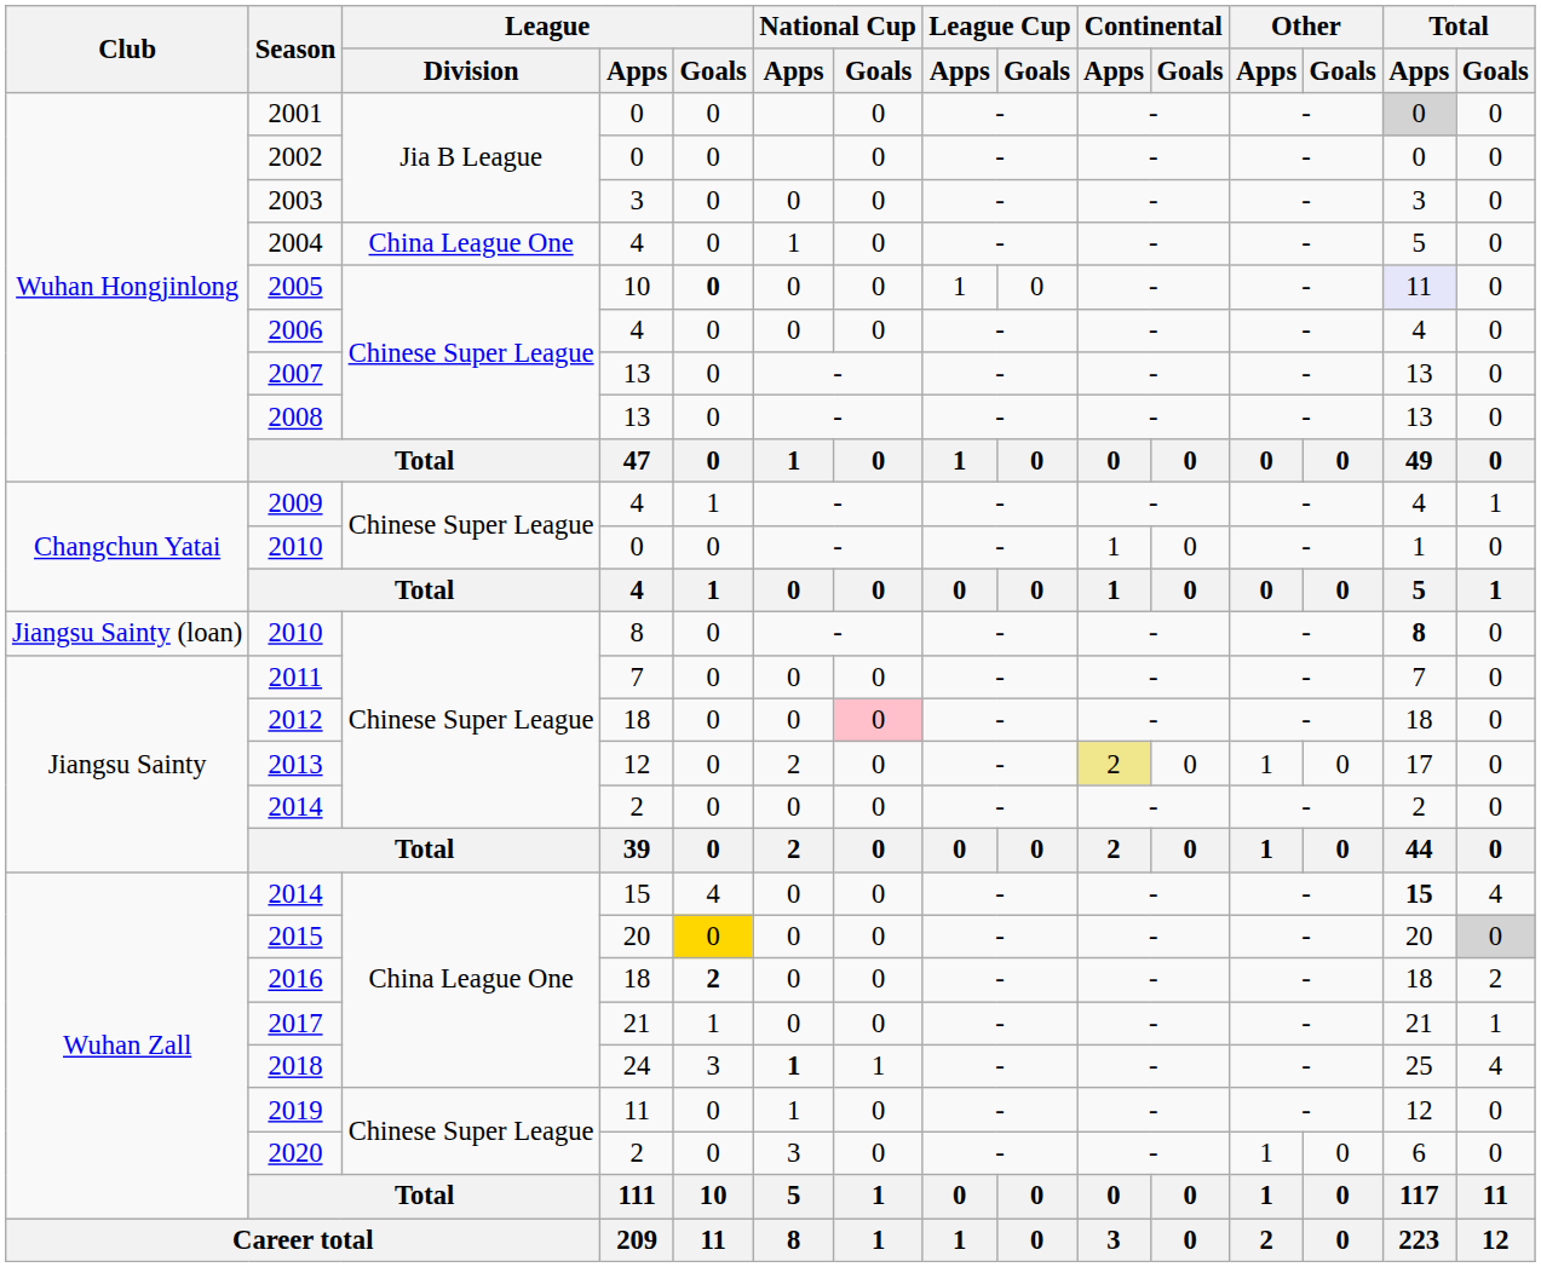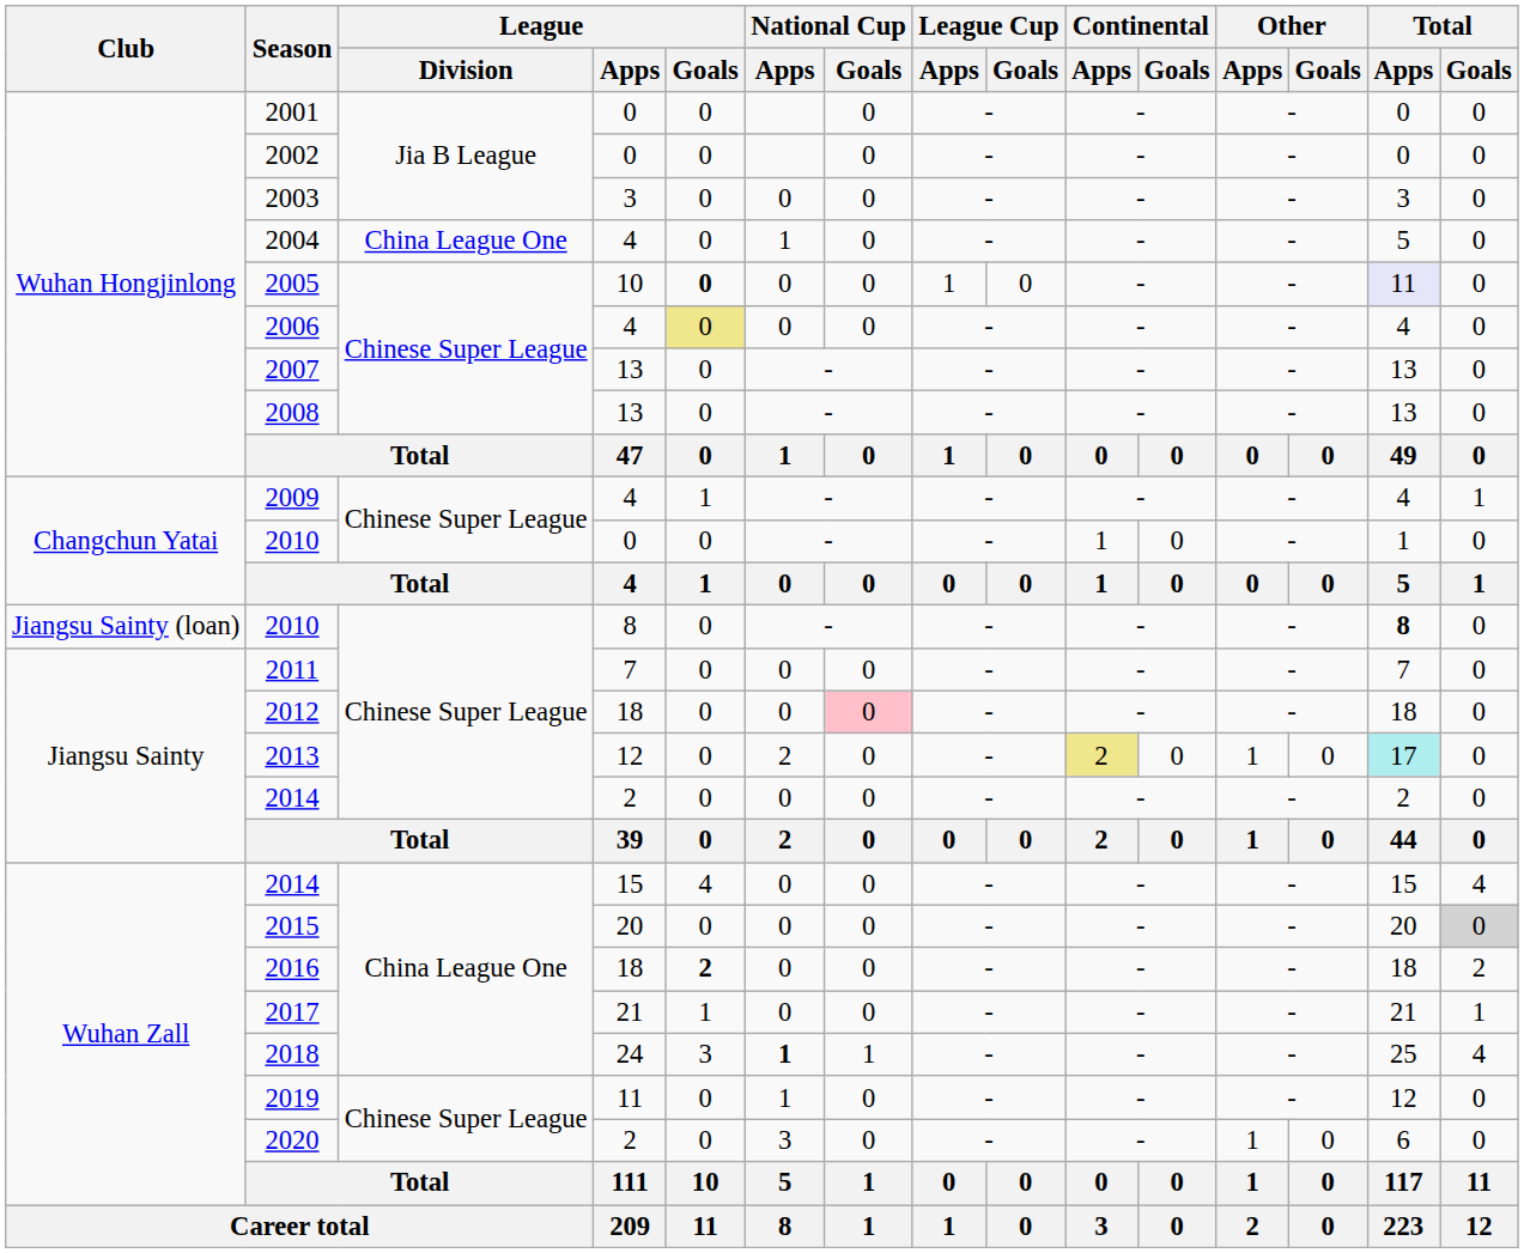 <table class="wikitable" style="text-align: center">
 <tr>
 <th rowspan="2">Club</th>
 <th rowspan="2">Season</th>
 <th colspan="3">League</th>
 <th colspan="2">National Cup</th>
 <th colspan="2">League Cup</th>
 <th colspan="2">Continental</th>
 <th colspan="2">Other</th>
 <th colspan="2">Total</th>
 </tr>
 <tr>
 <th>Division</th>
 <th>Apps</th>
 <th>Goals</th>
 <th>Apps</th>
 <th>Goals</th>
 <th>Apps</th>
 <th>Goals</th>
 <th>Apps</th>
 <th>Goals</th>
 <th>Apps</th>
 <th>Goals</th>
 <th>Apps</th>
 <th>Goals</th>
 </tr>
 <tr>
 <td rowspan=9><a href='#'>Wuhan Hongjinlong</a></td>
 <td>2001</td>
 <td rowspan="3">Jia B League</td>
 <td>0</td>
 <td>0</td>
 <td></td>
 <td>0</td>
 <td colspan="2">-</td>
 <td colspan="2">-</td>
 <td colspan="2">-</td>
-<td style="background: lightgrey;">0</td>
+<td>0</td>
 <td>0</td>
 </tr>
 <tr>
 <td>2002</td>
 <td>0</td>
 <td>0</td>
 <td></td>
 <td>0</td>
 <td colspan="2">-</td>
 <td colspan="2">-</td>
 <td colspan="2">-</td>
 <td>0</td>
 <td>0</td>
 </tr>
 <tr>
 <td>2003</td>
 <td>3</td>
 <td>0</td>
 <td>0</td>
 <td>0</td>
 <td colspan="2">-</td>
 <td colspan="2">-</td>
 <td colspan="2">-</td>
 <td>3</td>
 <td>0</td>
 </tr>
 <tr>
 <td>2004</td>
 <td><a href='#'>China League One</a></td>
 <td>4</td>
 <td>0</td>
 <td>1</td>
 <td>0</td>
 <td colspan="2">-</td>
 <td colspan="2">-</td>
 <td colspan="2">-</td>
 <td>5</td>
 <td>0</td>
 </tr>
 <tr>
 <td><a href='#'>2005</a></td>
 <td rowspan=4><a href='#'>Chinese Super League</a></td>
 <td>10</td>
 <td><strong>0</strong></td>
 <td>0</td>
 <td>0</td>
 <td>1</td>
 <td>0</td>
 <td colspan="2">-</td>
 <td colspan="2">-</td>
 <td style="background: lavender;">11</td>
 <td>0</td>
 </tr>
 <tr>
 <td><a href='#'>2006</a></td>
 <td>4</td>
-<td>0</td>
+<td style="background: khaki;">0</td>
 <td>0</td>
 <td>0</td>
 <td colspan="2">-</td>
 <td colspan="2">-</td>
 <td colspan="2">-</td>
 <td>4</td>
 <td>0</td>
 </tr>
 <tr>
 <td><a href='#'>2007</a></td>
 <td>13</td>
 <td>0</td>
 <td colspan="2">-</td>
 <td colspan="2">-</td>
 <td colspan="2">-</td>
 <td colspan="2">-</td>
 <td>13</td>
 <td>0</td>
 </tr>
 <tr>
 <td><a href='#'>2008</a></td>
 <td>13</td>
 <td>0</td>
 <td colspan="2">-</td>
 <td colspan="2">-</td>
 <td colspan="2">-</td>
 <td colspan="2">-</td>
 <td>13</td>
 <td>0</td>
 </tr>
 <tr>
 <th colspan="2"><strong>Total</strong></th>
 <th>47</th>
 <th>0</th>
 <th>1</th>
 <th>0</th>
 <th>1</th>
 <th>0</th>
 <th>0</th>
 <th>0</th>
 <th>0</th>
 <th>0</th>
 <th>49</th>
 <th>0</th>
 </tr>
 <tr>
 <td rowspan=3><a href='#'>Changchun Yatai</a></td>
 <td><a href='#'>2009</a></td>
 <td rowspan=2>Chinese Super League</td>
 <td>4</td>
 <td>1</td>
 <td colspan="2">-</td>
 <td colspan="2">-</td>
 <td colspan="2">-</td>
 <td colspan="2">-</td>
 <td>4</td>
 <td>1</td>
 </tr>
 <tr>
 <td><a href='#'>2010</a></td>
 <td>0</td>
 <td>0</td>
 <td colspan="2">-</td>
 <td colspan="2">-</td>
 <td>1</td>
 <td>0</td>
 <td colspan="2">-</td>
 <td>1</td>
 <td>0</td>
 </tr>
 <tr>
 <th colspan="2"><strong>Total</strong></th>
 <th>4</th>
 <th>1</th>
 <th>0</th>
 <th>0</th>
 <th>0</th>
 <th>0</th>
 <th>1</th>
 <th>0</th>
 <th>0</th>
 <th>0</th>
 <th>5</th>
 <th>1</th>
 </tr>
 <tr>
 <td><a href='#'>Jiangsu Sainty</a> (loan)</td>
 <td><a href='#'>2010</a></td>
 <td rowspan=5>Chinese Super League</td>
 <td>8</td>
 <td>0</td>
 <td colspan="2">-</td>
 <td colspan="2">-</td>
 <td colspan="2">-</td>
 <td colspan="2">-</td>
 <td><strong>8</strong></td>
 <td>0</td>
 </tr>
 <tr>
 <td rowspan=5>Jiangsu Sainty</td>
 <td><a href='#'>2011</a></td>
 <td>7</td>
 <td>0</td>
 <td>0</td>
 <td>0</td>
 <td colspan="2">-</td>
 <td colspan="2">-</td>
 <td colspan="2">-</td>
 <td>7</td>
 <td>0</td>
 </tr>
 <tr>
 <td><a href='#'>2012</a></td>
 <td>18</td>
 <td>0</td>
 <td>0</td>
 <td style="background: pink;">0</td>
 <td colspan="2">-</td>
 <td colspan="2">-</td>
 <td colspan="2">-</td>
 <td>18</td>
 <td>0</td>
 </tr>
 <tr>
 <td><a href='#'>2013</a></td>
 <td>12</td>
 <td>0</td>
 <td>2</td>
 <td>0</td>
 <td colspan="2">-</td>
 <td style="background: khaki;">2</td>
 <td>0</td>
 <td>1</td>
 <td>0</td>
-<td>17</td>
+<td style="background: paleturquoise;">17</td>
 <td>0</td>
 </tr>
 <tr>
 <td><a href='#'>2014</a></td>
 <td>2</td>
 <td>0</td>
 <td>0</td>
 <td>0</td>
 <td colspan="2">-</td>
 <td colspan="2">-</td>
 <td colspan="2">-</td>
 <td>2</td>
 <td>0</td>
 </tr>
 <tr>
 <th colspan="2"><strong>Total</strong></th>
 <th>39</th>
 <th>0</th>
 <th>2</th>
 <th>0</th>
 <th>0</th>
 <th>0</th>
 <th>2</th>
 <th>0</th>
 <th>1</th>
 <th>0</th>
 <th>44</th>
 <th>0</th>
 </tr>
 <tr>
 <td rowspan=8><a href='#'>Wuhan Zall</a></td>
 <td><a href='#'>2014</a></td>
 <td rowspan="5">China League One</td>
 <td>15</td>
 <td>4</td>
 <td>0</td>
 <td>0</td>
 <td colspan="2">-</td>
 <td colspan="2">-</td>
 <td colspan="2">-</td>
-<td><strong>15</strong></td>
+<td>15</td>
 <td>4</td>
 </tr>
 <tr>
 <td><a href='#'>2015</a></td>
 <td>20</td>
-<td style="background: gold;">0</td>
+<td>0</td>
 <td>0</td>
 <td>0</td>
 <td colspan="2">-</td>
 <td colspan="2">-</td>
 <td colspan="2">-</td>
 <td>20</td>
 <td style="background: lightgrey;">0</td>
 </tr>
 <tr>
 <td><a href='#'>2016</a></td>
 <td>18</td>
 <td><strong>2</strong></td>
 <td>0</td>
 <td>0</td>
 <td colspan="2">-</td>
 <td colspan="2">-</td>
 <td colspan="2">-</td>
 <td>18</td>
 <td>2</td>
 </tr>
 <tr>
 <td><a href='#'>2017</a></td>
 <td>21</td>
 <td>1</td>
 <td>0</td>
 <td>0</td>
 <td colspan="2">-</td>
 <td colspan="2">-</td>
 <td colspan="2">-</td>
 <td>21</td>
 <td>1</td>
 </tr>
 <tr>
 <td><a href='#'>2018</a></td>
 <td>24</td>
 <td>3</td>
 <td><strong>1</strong></td>
 <td>1</td>
 <td colspan="2">-</td>
 <td colspan="2">-</td>
 <td colspan="2">-</td>
 <td>25</td>
 <td>4</td>
 </tr>
 <tr>
 <td><a href='#'>2019</a></td>
 <td rowspan=2>Chinese Super League</td>
 <td>11</td>
 <td>0</td>
 <td>1</td>
 <td>0</td>
 <td colspan="2">-</td>
 <td colspan="2">-</td>
 <td colspan="2">-</td>
 <td>12</td>
 <td>0</td>
 </tr>
 <tr>
 <td><a href='#'>2020</a></td>
 <td>2</td>
 <td>0</td>
 <td>3</td>
 <td>0</td>
 <td colspan="2">-</td>
 <td colspan="2">-</td>
 <td>1</td>
 <td>0</td>
 <td>6</td>
 <td>0</td>
 </tr>
 <tr>
 <th colspan="2"><strong>Total</strong></th>
 <th>111</th>
 <th>10</th>
 <th>5</th>
 <th>1</th>
 <th>0</th>
 <th>0</th>
 <th>0</th>
 <th>0</th>
 <th>1</th>
 <th>0</th>
 <th>117</th>
 <th>11</th>
 </tr>
 <tr>
 <th colspan=3>Career total</th>
 <th>209</th>
 <th>11</th>
 <th>8</th>
 <th>1</th>
 <th>1</th>
 <th>0</th>
 <th>3</th>
 <th>0</th>
 <th>2</th>
 <th>0</th>
 <th>223</th>
 <th>12</th>
 </tr>
 </table>
